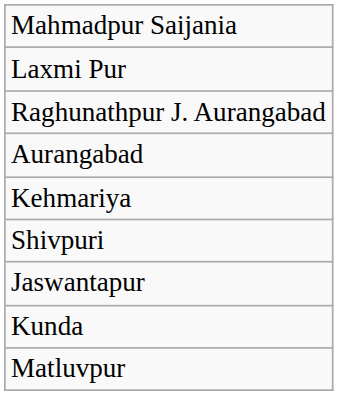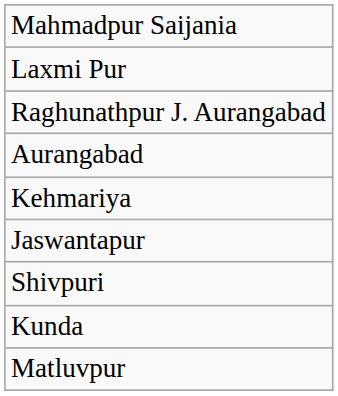 <table class="wikitable">
 <tr>
 <td>Mahmadpur Saijania</td>
 </tr>
 <tr>
 <td>Laxmi Pur</td>
 </tr>
 <tr>
 <td>Raghunathpur J. Aurangabad</td>
 </tr>
 <tr>
 <td>Aurangabad</td>
 </tr>
 <tr>
 <td>Kehmariya</td>
 </tr>
 <tr>
-<td>Shivpuri</td>
+<td>Jaswantapur</td>
 </tr>
 <tr>
-<td>Jaswantapur</td>
+<td>Shivpuri</td>
 </tr>
 <tr>
 <td>Kunda</td>
 </tr>
 <tr>
 <td>Matluvpur</td>
 </tr>
 </table>
